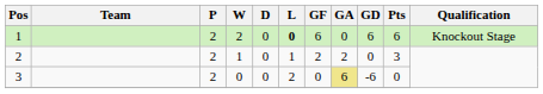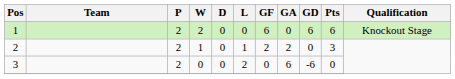 <table class="wikitable" border="1">
 <tr>
 <th width="25"><abbr>Pos</abbr></th>
 <th width="200">Team</th>
 <th width="25">P</th>
 <th width="25">W</th>
 <th width="25">D</th>
 <th width="25">L</th>
 <th width="25"><abbr>GF</abbr></th>
 <th width="25"><abbr>GA</abbr></th>
 <th width="25"><abbr>GD</abbr></th>
 <th width="25"><abbr>Pts</abbr></th>
 <th width="150">Qualification</th>
 </tr>
 <tr bgcolor= #D0F0C0>
 <td align="center">1</td>
 <td></td>
 <td align="center">2</td>
 <td align="center">2</td>
 <td align="center">0</td>
-<td align="center"><strong>0</strong></td>
+<td align="center">0</td>
 <td align="center">6</td>
 <td align="center">0</td>
 <td align="center">6</td>
 <td align="center">6</td>
 <td align="center">Knockout Stage</td>
 </tr>
 <tr>
 <td align="center">2</td>
 <td></td>
 <td align="center">2</td>
 <td align="center">1</td>
 <td align="center">0</td>
 <td align="center">1</td>
 <td align="center">2</td>
 <td align="center">2</td>
 <td align="center">0</td>
 <td align="center">3</td>
 </tr>
 <tr>
 <td align="center">3</td>
 <td></td>
 <td align="center">2</td>
 <td align="center">0</td>
 <td align="center">0</td>
 <td align="center">2</td>
 <td align="center">0</td>
-<td align="center" style="background: khaki;">6</td>
+<td align="center">6</td>
 <td align="center">-6</td>
 <td align="center">0</td>
 </tr>
 <tr>
 </tr>
 </table>
